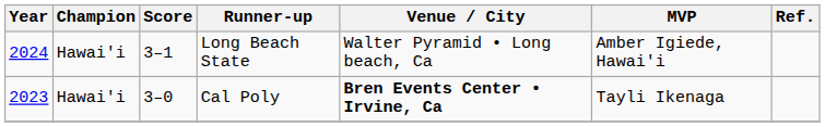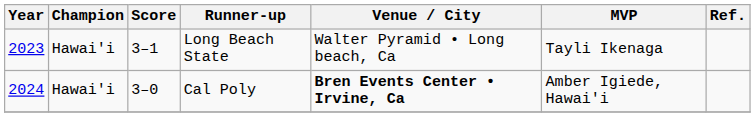 <table class="wikitable sortable" style="font-size: 95%;">
 <tr>
 <th width=px>Year</th>
 <th width=px>Champion</th>
 <th width=px>Score</th>
 <th width=px>Runner-up</th>
 <th width=px>Venue / City</th>
 <th width=px>MVP</th>
 <th width=px>Ref.</th>
 </tr>
 <tr>
-<td><a href='#'>2024</a></td>
+<td><a href='#'>2023</a></td>
 <td>Hawai'i </td>
 <td>3–1</td>
 <td>Long Beach State</td>
 <td>Walter Pyramid • Long beach, Ca</td>
-<td>Amber Igiede, Hawai'i</td>
+<td>Tayli Ikenaga</td>
 <td></td>
 </tr>
 <tr>
-<td><a href='#'>2023</a></td>
+<td><a href='#'>2024</a></td>
 <td>Hawai'i </td>
 <td>3–0</td>
 <td>Cal Poly</td>
 <td><strong>Bren Events Center • Irvine, Ca</strong></td>
-<td>Tayli Ikenaga</td>
+<td>Amber Igiede, Hawai'i</td>
 <td></td>
 </tr>
 <tr>
 </tr>
 </table>
